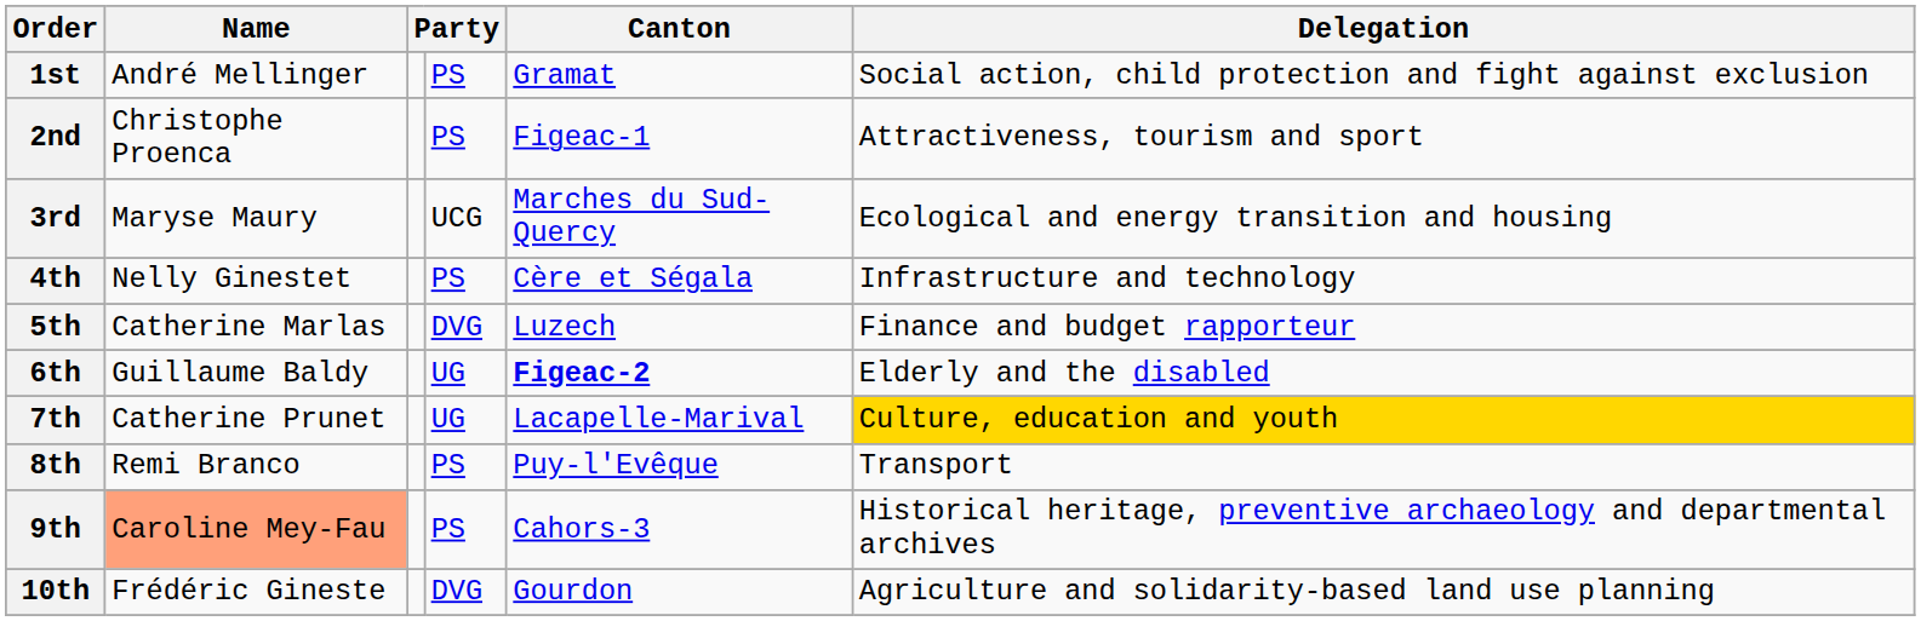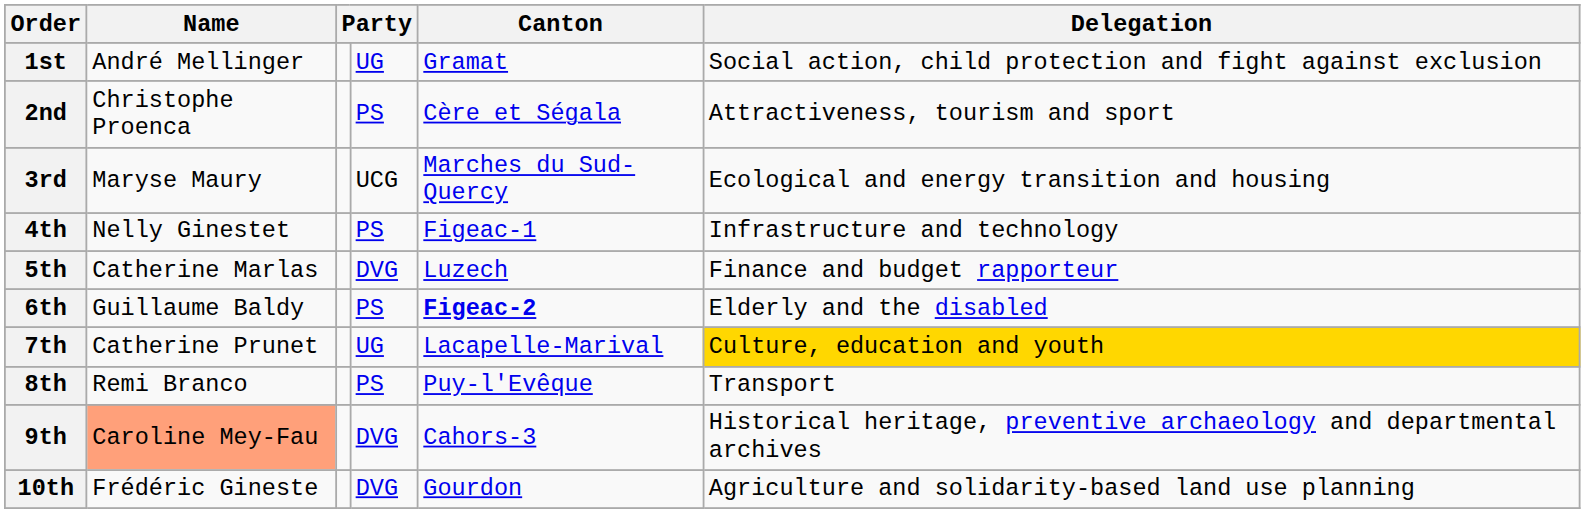 <table class="wikitable sortable">
 <tr>
 <th>Order</th>
 <th>Name</th>
 <th colspan="2">Party</th>
 <th>Canton</th>
 <th>Delegation</th>
 </tr>
 <tr>
 <th>1st</th>
 <td>André Mellinger</td>
 <td style="background-color:"></td>
-<td><a href='#'>PS</a></td>
+<td><a href='#'>UG</a></td>
 <td><a href='#'>Gramat</a></td>
 <td>Social action, child protection and fight against exclusion</td>
 </tr>
 <tr>
 <th>2nd</th>
 <td>Christophe Proenca</td>
 <td style="background-color:"></td>
 <td><a href='#'>PS</a></td>
-<td><a href='#'>Figeac-1</a></td>
+<td><a href='#'>Cère et Ségala</a></td>
 <td>Attractiveness, tourism and sport</td>
 </tr>
 <tr>
 <th>3rd</th>
 <td>Maryse Maury</td>
 <td style="background-color:"></td>
 <td>UCG</td>
 <td><a href='#'>Marches du Sud-Quercy</a></td>
 <td>Ecological and energy transition and housing</td>
 </tr>
 <tr>
 <th>4th</th>
 <td>Nelly Ginestet</td>
 <td style="background-color:"></td>
 <td><a href='#'>PS</a></td>
-<td><a href='#'>Cère et Ségala</a></td>
+<td><a href='#'>Figeac-1</a></td>
 <td>Infrastructure and technology</td>
 </tr>
 <tr>
 <th>5th</th>
 <td>Catherine Marlas</td>
 <td style="background-color:"></td>
 <td><a href='#'>DVG</a></td>
 <td><a href='#'>Luzech</a></td>
 <td>Finance and budget <a href='#'>rapporteur</a></td>
 </tr>
 <tr>
 <th>6th</th>
 <td>Guillaume Baldy</td>
 <td style="background-color:"></td>
-<td><a href='#'>UG</a></td>
+<td><a href='#'>PS</a></td>
 <td><strong><a href='#'>Figeac-2</a></strong></td>
 <td>Elderly and the <a href='#'>disabled</a></td>
 </tr>
 <tr>
 <th>7th</th>
 <td>Catherine Prunet</td>
 <td style="background-color:"></td>
 <td><a href='#'>UG</a></td>
 <td><a href='#'>Lacapelle-Marival</a></td>
 <td style="background: gold;">Culture, education and youth</td>
 </tr>
 <tr>
 <th>8th</th>
 <td>Remi Branco</td>
 <td style="background-color:"></td>
 <td><a href='#'>PS</a></td>
 <td><a href='#'>Puy-l'Evêque</a></td>
 <td>Transport</td>
 </tr>
 <tr>
 <th>9th</th>
 <td style="background: lightsalmon;">Caroline Mey-Fau</td>
 <td style="background-color:"></td>
-<td><a href='#'>PS</a></td>
+<td><a href='#'>DVG</a></td>
 <td><a href='#'>Cahors-3</a></td>
 <td>Historical heritage, <a href='#'>preventive archaeology</a> and departmental archives</td>
 </tr>
 <tr>
 <th>10th</th>
 <td>Frédéric Gineste</td>
 <td style="background-color:"></td>
 <td><a href='#'>DVG</a></td>
 <td><a href='#'>Gourdon</a></td>
 <td>Agriculture and solidarity-based land use planning</td>
 </tr>
 </table>
